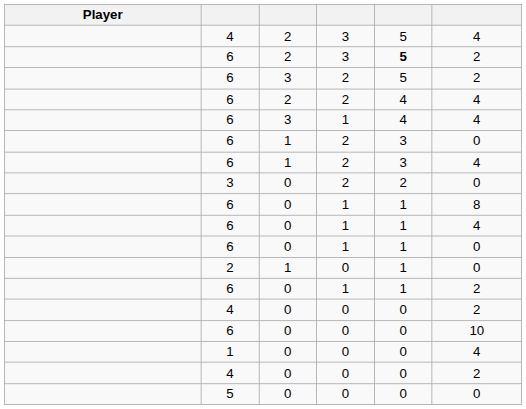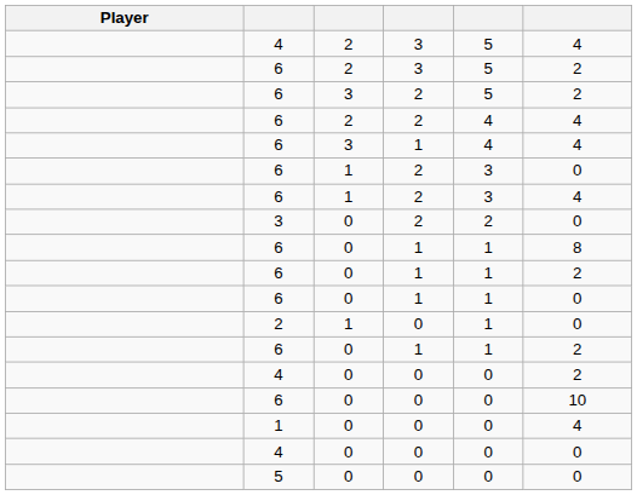 <table class="wikitable sortable" style="width:100%;">
 <tr align=center>
 <th>Player</th>
 <th></th>
 <th></th>
 <th></th>
 <th></th>
 <th></th>
 </tr>
 <tr align=center>
 <td></td>
 <td>4</td>
 <td>2</td>
 <td>3</td>
 <td>5</td>
 <td>4</td>
 </tr>
 <tr align=center>
 <td></td>
 <td>6</td>
 <td>2</td>
 <td>3</td>
-<td><strong>5</strong></td>
+<td>5</td>
 <td>2</td>
 </tr>
 <tr align=center>
 <td></td>
 <td>6</td>
 <td>3</td>
 <td>2</td>
 <td>5</td>
 <td>2</td>
 </tr>
 <tr align=center>
 <td></td>
 <td>6</td>
 <td>2</td>
 <td>2</td>
 <td>4</td>
 <td>4</td>
 </tr>
 <tr align=center>
 <td></td>
 <td>6</td>
 <td>3</td>
 <td>1</td>
 <td>4</td>
 <td>4</td>
 </tr>
 <tr align=center>
 <td></td>
 <td>6</td>
 <td>1</td>
 <td>2</td>
 <td>3</td>
 <td>0</td>
 </tr>
 <tr align=center>
 <td></td>
 <td>6</td>
 <td>1</td>
 <td>2</td>
 <td>3</td>
 <td>4</td>
 </tr>
 <tr align=center>
 <td></td>
 <td>3</td>
 <td>0</td>
 <td>2</td>
 <td>2</td>
 <td>0</td>
 </tr>
 <tr align=center>
 <td></td>
 <td>6</td>
 <td>0</td>
 <td>1</td>
 <td>1</td>
 <td>8</td>
 </tr>
 <tr align=center>
 <td></td>
 <td>6</td>
 <td>0</td>
 <td>1</td>
 <td>1</td>
-<td>4</td>
+<td>2</td>
 </tr>
 <tr align=center>
 <td></td>
 <td>6</td>
 <td>0</td>
 <td>1</td>
 <td>1</td>
 <td>0</td>
 </tr>
 <tr align=center>
 <td></td>
 <td>2</td>
 <td>1</td>
 <td>0</td>
 <td>1</td>
 <td>0</td>
 </tr>
 <tr align=center>
 <td></td>
 <td>6</td>
 <td>0</td>
 <td>1</td>
 <td>1</td>
 <td>2</td>
 </tr>
 <tr align=center>
 <td></td>
 <td>4</td>
 <td>0</td>
 <td>0</td>
 <td>0</td>
 <td>2</td>
 </tr>
 <tr align=center>
 <td></td>
 <td>6</td>
 <td>0</td>
 <td>0</td>
 <td>0</td>
 <td>10</td>
 </tr>
 <tr align=center>
 <td></td>
 <td>1</td>
 <td>0</td>
 <td>0</td>
 <td>0</td>
 <td>4</td>
 </tr>
 <tr align=center>
 <td></td>
 <td>4</td>
 <td>0</td>
 <td>0</td>
 <td>0</td>
-<td>2</td>
+<td>0</td>
 </tr>
 <tr align=center>
 <td></td>
 <td>5</td>
 <td>0</td>
 <td>0</td>
 <td>0</td>
 <td>0</td>
 </tr>
 </table>
